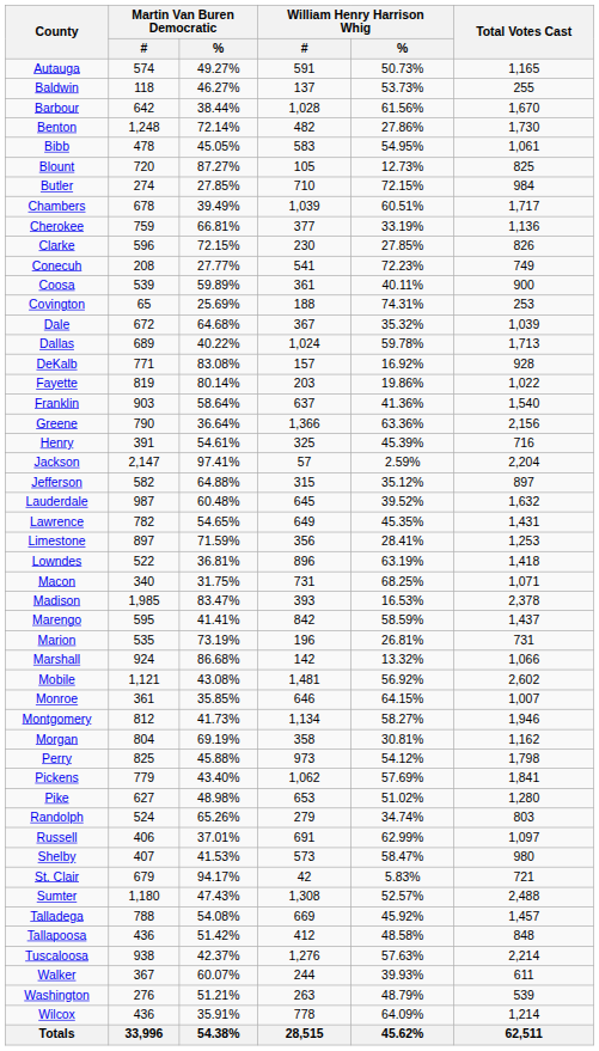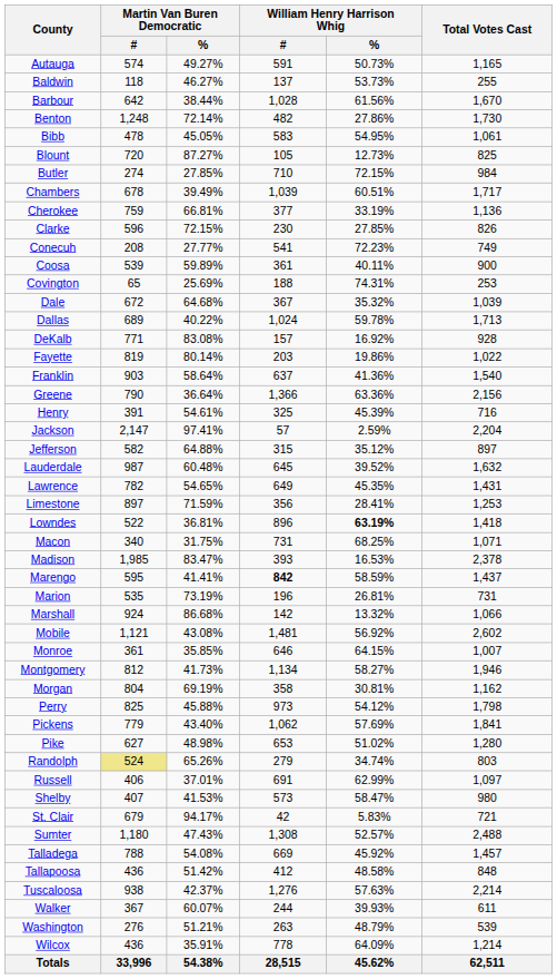 <table class="wikitable sortable" width="60%">
 <tr>
 <th rowspan="2">County</th>
 <th colspan="2">Martin Van Buren<br>Democratic</th>
 <th colspan="2">William Henry Harrison<br>Whig</th>
 <th rowspan="2">Total Votes Cast</th>
 </tr>
 <tr>
 <th data-sort-type="number" style="text-align:center;">#</th>
 <th data-sort-type="number" style="text-align:center;">%</th>
 <th data-sort-type="number" style="text-align:center;">#</th>
 <th data-sort-type="number" style="text-align:center;">%</th>
 </tr>
 <tr style="text-align:center;">
 <td><a href='#'>Autauga</a></td>
 <td>574</td>
 <td>49.27%</td>
 <td>591</td>
 <td>50.73%</td>
 <td>1,165</td>
 </tr>
 <tr style="text-align:center;">
 <td><a href='#'>Baldwin</a></td>
 <td>118</td>
 <td>46.27%</td>
 <td>137</td>
 <td>53.73%</td>
 <td>255</td>
 </tr>
 <tr style="text-align:center;">
 <td><a href='#'>Barbour</a></td>
 <td>642</td>
 <td>38.44%</td>
 <td>1,028</td>
 <td>61.56%</td>
 <td>1,670</td>
 </tr>
 <tr style="text-align:center;">
 <td><a href='#'>Benton</a></td>
 <td>1,248</td>
 <td>72.14%</td>
 <td>482</td>
 <td>27.86%</td>
 <td>1,730</td>
 </tr>
 <tr style="text-align:center;">
 <td><a href='#'>Bibb</a></td>
 <td>478</td>
 <td>45.05%</td>
 <td>583</td>
 <td>54.95%</td>
 <td>1,061</td>
 </tr>
 <tr style="text-align:center;">
 <td><a href='#'>Blount</a></td>
 <td>720</td>
 <td>87.27%</td>
 <td>105</td>
 <td>12.73%</td>
 <td>825</td>
 </tr>
 <tr style="text-align:center;">
 <td><a href='#'>Butler</a></td>
 <td>274</td>
 <td>27.85%</td>
 <td>710</td>
 <td>72.15%</td>
 <td>984</td>
 </tr>
 <tr style="text-align:center;">
 <td><a href='#'>Chambers</a></td>
 <td>678</td>
 <td>39.49%</td>
 <td>1,039</td>
 <td>60.51%</td>
 <td>1,717</td>
 </tr>
 <tr style="text-align:center;">
 <td><a href='#'>Cherokee</a></td>
 <td>759</td>
 <td>66.81%</td>
 <td>377</td>
 <td>33.19%</td>
 <td>1,136</td>
 </tr>
 <tr style="text-align:center;">
 <td><a href='#'>Clarke</a></td>
 <td>596</td>
 <td>72.15%</td>
 <td>230</td>
 <td>27.85%</td>
 <td>826</td>
 </tr>
 <tr style="text-align:center;">
 <td><a href='#'>Conecuh</a></td>
 <td>208</td>
 <td>27.77%</td>
 <td>541</td>
 <td>72.23%</td>
 <td>749</td>
 </tr>
 <tr style="text-align:center;">
 <td><a href='#'>Coosa</a></td>
 <td>539</td>
 <td>59.89%</td>
 <td>361</td>
 <td>40.11%</td>
 <td>900</td>
 </tr>
 <tr style="text-align:center;">
 <td><a href='#'>Covington</a></td>
 <td>65</td>
 <td>25.69%</td>
 <td>188</td>
 <td>74.31%</td>
 <td>253</td>
 </tr>
 <tr style="text-align:center;">
 <td><a href='#'>Dale</a></td>
 <td>672</td>
 <td>64.68%</td>
 <td>367</td>
 <td>35.32%</td>
 <td>1,039</td>
 </tr>
 <tr style="text-align:center;">
 <td><a href='#'>Dallas</a></td>
 <td>689</td>
 <td>40.22%</td>
 <td>1,024</td>
 <td>59.78%</td>
 <td>1,713</td>
 </tr>
 <tr style="text-align:center;">
 <td><a href='#'>DeKalb</a></td>
 <td>771</td>
 <td>83.08%</td>
 <td>157</td>
 <td>16.92%</td>
 <td>928</td>
 </tr>
 <tr style="text-align:center;">
 <td><a href='#'>Fayette</a></td>
 <td>819</td>
 <td>80.14%</td>
 <td>203</td>
 <td>19.86%</td>
 <td>1,022</td>
 </tr>
 <tr style="text-align:center;">
 <td><a href='#'>Franklin</a></td>
 <td>903</td>
 <td>58.64%</td>
 <td>637</td>
 <td>41.36%</td>
 <td>1,540</td>
 </tr>
 <tr style="text-align:center;">
 <td><a href='#'>Greene</a></td>
 <td>790</td>
 <td>36.64%</td>
 <td>1,366</td>
 <td>63.36%</td>
 <td>2,156</td>
 </tr>
 <tr style="text-align:center;">
 <td><a href='#'>Henry</a></td>
 <td>391</td>
 <td>54.61%</td>
 <td>325</td>
 <td>45.39%</td>
 <td>716</td>
 </tr>
 <tr style="text-align:center;">
 <td><a href='#'>Jackson</a></td>
 <td>2,147</td>
 <td>97.41%</td>
 <td>57</td>
 <td>2.59%</td>
 <td>2,204</td>
 </tr>
 <tr style="text-align:center;">
 <td><a href='#'>Jefferson</a></td>
 <td>582</td>
 <td>64.88%</td>
 <td>315</td>
 <td>35.12%</td>
 <td>897</td>
 </tr>
 <tr style="text-align:center;">
 <td><a href='#'>Lauderdale</a></td>
 <td>987</td>
 <td>60.48%</td>
 <td>645</td>
 <td>39.52%</td>
 <td>1,632</td>
 </tr>
 <tr style="text-align:center;">
 <td><a href='#'>Lawrence</a></td>
 <td>782</td>
 <td>54.65%</td>
 <td>649</td>
 <td>45.35%</td>
 <td>1,431</td>
 </tr>
 <tr style="text-align:center;">
 <td><a href='#'>Limestone</a></td>
 <td>897</td>
 <td>71.59%</td>
 <td>356</td>
 <td>28.41%</td>
 <td>1,253</td>
 </tr>
 <tr style="text-align:center;">
 <td><a href='#'>Lowndes</a></td>
 <td>522</td>
 <td>36.81%</td>
 <td>896</td>
-<td>63.19%</td>
+<td><strong>63.19%</strong></td>
 <td>1,418</td>
 </tr>
 <tr style="text-align:center;">
 <td><a href='#'>Macon</a></td>
 <td>340</td>
 <td>31.75%</td>
 <td>731</td>
 <td>68.25%</td>
 <td>1,071</td>
 </tr>
 <tr style="text-align:center;">
 <td><a href='#'>Madison</a></td>
 <td>1,985</td>
 <td>83.47%</td>
 <td>393</td>
 <td>16.53%</td>
 <td>2,378</td>
 </tr>
 <tr style="text-align:center;">
 <td><a href='#'>Marengo</a></td>
 <td>595</td>
 <td>41.41%</td>
-<td>842</td>
+<td><strong>842</strong></td>
 <td>58.59%</td>
 <td>1,437</td>
 </tr>
 <tr style="text-align:center;">
 <td><a href='#'>Marion</a></td>
 <td>535</td>
 <td>73.19%</td>
 <td>196</td>
 <td>26.81%</td>
 <td>731</td>
 </tr>
 <tr style="text-align:center;">
 <td><a href='#'>Marshall</a></td>
 <td>924</td>
 <td>86.68%</td>
 <td>142</td>
 <td>13.32%</td>
 <td>1,066</td>
 </tr>
 <tr style="text-align:center;">
 <td><a href='#'>Mobile</a></td>
 <td>1,121</td>
 <td>43.08%</td>
 <td>1,481</td>
 <td>56.92%</td>
 <td>2,602</td>
 </tr>
 <tr style="text-align:center;">
 <td><a href='#'>Monroe</a></td>
 <td>361</td>
 <td>35.85%</td>
 <td>646</td>
 <td>64.15%</td>
 <td>1,007</td>
 </tr>
 <tr style="text-align:center;">
 <td><a href='#'>Montgomery</a></td>
 <td>812</td>
 <td>41.73%</td>
 <td>1,134</td>
 <td>58.27%</td>
 <td>1,946</td>
 </tr>
 <tr style="text-align:center;">
 <td><a href='#'>Morgan</a></td>
 <td>804</td>
 <td>69.19%</td>
 <td>358</td>
 <td>30.81%</td>
 <td>1,162</td>
 </tr>
 <tr style="text-align:center;">
 <td><a href='#'>Perry</a></td>
 <td>825</td>
 <td>45.88%</td>
 <td>973</td>
 <td>54.12%</td>
 <td>1,798</td>
 </tr>
 <tr style="text-align:center;">
 <td><a href='#'>Pickens</a></td>
 <td>779</td>
 <td>43.40%</td>
 <td>1,062</td>
 <td>57.69%</td>
 <td>1,841</td>
 </tr>
 <tr style="text-align:center;">
 <td><a href='#'>Pike</a></td>
 <td>627</td>
 <td>48.98%</td>
 <td>653</td>
 <td>51.02%</td>
 <td>1,280</td>
 </tr>
 <tr style="text-align:center;">
 <td><a href='#'>Randolph</a></td>
-<td>524</td>
+<td style="background: khaki;">524</td>
 <td>65.26%</td>
 <td>279</td>
 <td>34.74%</td>
 <td>803</td>
 </tr>
 <tr style="text-align:center;">
 <td><a href='#'>Russell</a></td>
 <td>406</td>
 <td>37.01%</td>
 <td>691</td>
 <td>62.99%</td>
 <td>1,097</td>
 </tr>
 <tr style="text-align:center;">
 <td><a href='#'>Shelby</a></td>
 <td>407</td>
 <td>41.53%</td>
 <td>573</td>
 <td>58.47%</td>
 <td>980</td>
 </tr>
 <tr style="text-align:center;">
 <td><a href='#'>St. Clair</a></td>
 <td>679</td>
 <td>94.17%</td>
 <td>42</td>
 <td>5.83%</td>
 <td>721</td>
 </tr>
 <tr style="text-align:center;">
 <td><a href='#'>Sumter</a></td>
 <td>1,180</td>
 <td>47.43%</td>
 <td>1,308</td>
 <td>52.57%</td>
 <td>2,488</td>
 </tr>
 <tr style="text-align:center;">
 <td><a href='#'>Talladega</a></td>
 <td>788</td>
 <td>54.08%</td>
 <td>669</td>
 <td>45.92%</td>
 <td>1,457</td>
 </tr>
 <tr style="text-align:center;">
 <td><a href='#'>Tallapoosa</a></td>
 <td>436</td>
 <td>51.42%</td>
 <td>412</td>
 <td>48.58%</td>
 <td>848</td>
 </tr>
 <tr style="text-align:center;">
 <td><a href='#'>Tuscaloosa</a></td>
 <td>938</td>
 <td>42.37%</td>
 <td>1,276</td>
 <td>57.63%</td>
 <td>2,214</td>
 </tr>
 <tr style="text-align:center;">
 <td><a href='#'>Walker</a></td>
 <td>367</td>
 <td>60.07%</td>
 <td>244</td>
 <td>39.93%</td>
 <td>611</td>
 </tr>
 <tr style="text-align:center;">
 <td><a href='#'>Washington</a></td>
 <td>276</td>
 <td>51.21%</td>
 <td>263</td>
 <td>48.79%</td>
 <td>539</td>
 </tr>
 <tr style="text-align:center;">
 <td><a href='#'>Wilcox</a></td>
 <td>436</td>
 <td>35.91%</td>
 <td>778</td>
 <td>64.09%</td>
 <td>1,214</td>
 </tr>
 <tr>
 <th>Totals</th>
 <th>33,996</th>
 <th>54.38%</th>
 <th>28,515</th>
 <th>45.62%</th>
 <th>62,511</th>
 </tr>
 </table>
